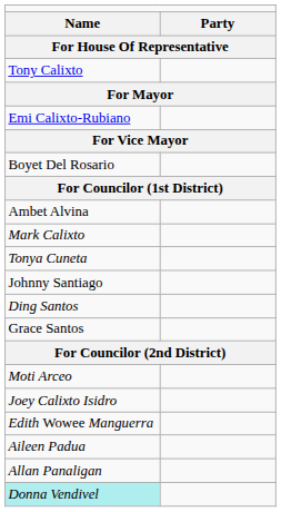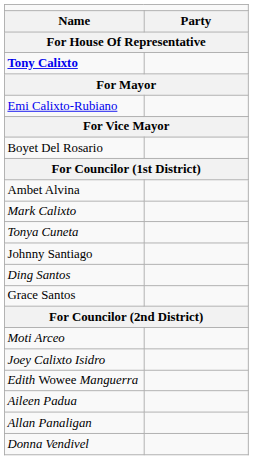 <table class="wikitable" style="font-size:90%">
 <tr>
 <td colspan="4" style="color:inherit;background:"></td>
 </tr>
 <tr>
 <th width="150px">Name</th>
 <th colspan="2" width="110px">Party</th>
 </tr>
 <tr>
 <th colspan="3">For House Of Representative</th>
 </tr>
 <tr>
-<td><a href='#'>Tony Calixto</a></td>
+<td><strong><a href='#'>Tony Calixto</a></strong></td>
 <td></td>
 </tr>
 <tr>
 <th colspan="3">For Mayor</th>
 </tr>
 <tr>
 <td><a href='#'> Emi Calixto-Rubiano</a></td>
 <td></td>
 </tr>
 <tr>
 <th colspan="3">For Vice Mayor</th>
 </tr>
 <tr>
 <td>Boyet Del Rosario</td>
 <td></td>
 </tr>
 <tr>
 <th colspan="3">For Councilor (1st District)</th>
 </tr>
 <tr>
 <td>Ambet Alvina</td>
 <td></td>
 </tr>
 <tr>
 <td><em>Mark Calixto</em></td>
 <td></td>
 </tr>
 <tr>
 <td><em>Tonya Cuneta</em></td>
 <td></td>
 </tr>
 <tr>
 <td>Johnny Santiago</td>
 <td></td>
 </tr>
 <tr>
 <td><em>Ding Santos</em></td>
 <td></td>
 </tr>
 <tr>
 <td>Grace Santos</td>
 <td></td>
 </tr>
 <tr>
 <th colspan="3">For Councilor (2nd District)</th>
 </tr>
 <tr>
 <td><em>Moti Arceo</em></td>
 <td></td>
 </tr>
 <tr>
 <td><em>Joey Calixto Isidro</em></td>
 <td></td>
 </tr>
 <tr>
 <td><em>Edith </em>Wowee<em> Manguerra</em></td>
 <td></td>
 </tr>
 <tr>
 <td><em>Aileen Padua</em></td>
 <td></td>
 </tr>
 <tr>
 <td><em>Allan Panaligan</em></td>
 <td></td>
 </tr>
 <tr>
-<td style="background: paleturquoise;"><em>Donna Vendivel</em></td>
+<td><em>Donna Vendivel</em></td>
 <td></td>
 </tr>
 </table>
